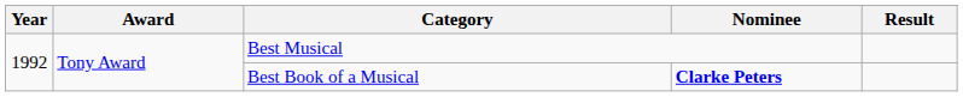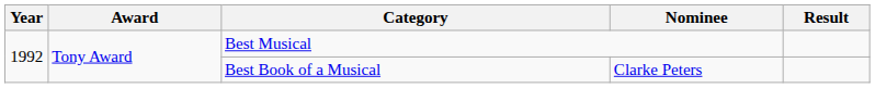 <table class="wikitable" width="95%">
 <tr>
 <th width="5%">Year</th>
 <th width="20%">Award</th>
 <th width="45%">Category</th>
 <th width="20%">Nominee</th>
 <th width="10%">Result</th>
 </tr>
 <tr>
 <td rowspan="2" align="center">1992</td>
 <td rowspan="2"><a href='#'>Tony Award</a></td>
 <td colspan="2"><a href='#'>Best Musical</a></td>
 <td></td>
 </tr>
 <tr>
 <td><a href='#'>Best Book of a Musical</a></td>
-<td><strong><a href='#'>Clarke Peters</a></strong></td>
+<td><a href='#'>Clarke Peters</a></td>
 <td></td>
 </tr>
 </table>
